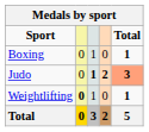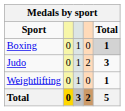 <table class="wikitable" style="text-align:center;font-size:90%">
 <tr style="background:#efefef;">
 <th colspan=7>Medals by sport</th>
 </tr>
 <tr>
 <td><strong>Sport</strong></td>
 <td bgcolor=#f7f6a8></td>
 <td bgcolor=#dce5e5></td>
 <td bgcolor=#ffdab9></td>
 <td><strong>Total</strong></td>
 </tr>
 <tr>
 <td style="text-align:left;"><a href='#'>Boxing</a></td>
 <td style="background:#F7F6A8;">0</td>
 <td style="background:#DCE5E5;">1</td>
 <td style="background:#FFDAB9;">0</td>
-<td><strong>1</strong></td>
+<td style="background: lightgrey;"><strong>1</strong></td>
 </tr>
 <tr>
 <td style="text-align:left;"><a href='#'>Judo</a></td>
 <td style="background:#F7F6A8;">0</td>
-<td style="background:#DCE5E5;"><strong>1</strong></td>
-<td style="background:#FFDAB9;"><strong>2</strong></td>
-<td style="background: lightsalmon;"><strong>3</strong></td>
+<td style="background:#DCE5E5;">1</td>
+<td style="background:#FFDAB9;">2</td>
+<td><strong>3</strong></td>
 </tr>
 <tr>
 <td style="text-align:left;"><a href='#'>Weightlifting</a></td>
-<td style="background:#F7F6A8;"><strong>0</strong></td>
+<td style="background:#F7F6A8;">0</td>
 <td style="background:#DCE5E5;">1</td>
 <td style="background:#FFDAB9;">0</td>
 <td><strong>1</strong></td>
 </tr>
 <tr>
 <th style="text-align:left;">Total</th>
 <th style="background:gold;">0</th>
 <th style="background:silver;">3</th>
 <th style="background:#c96;">2</th>
 <th>5</th>
 </tr>
 </table>
